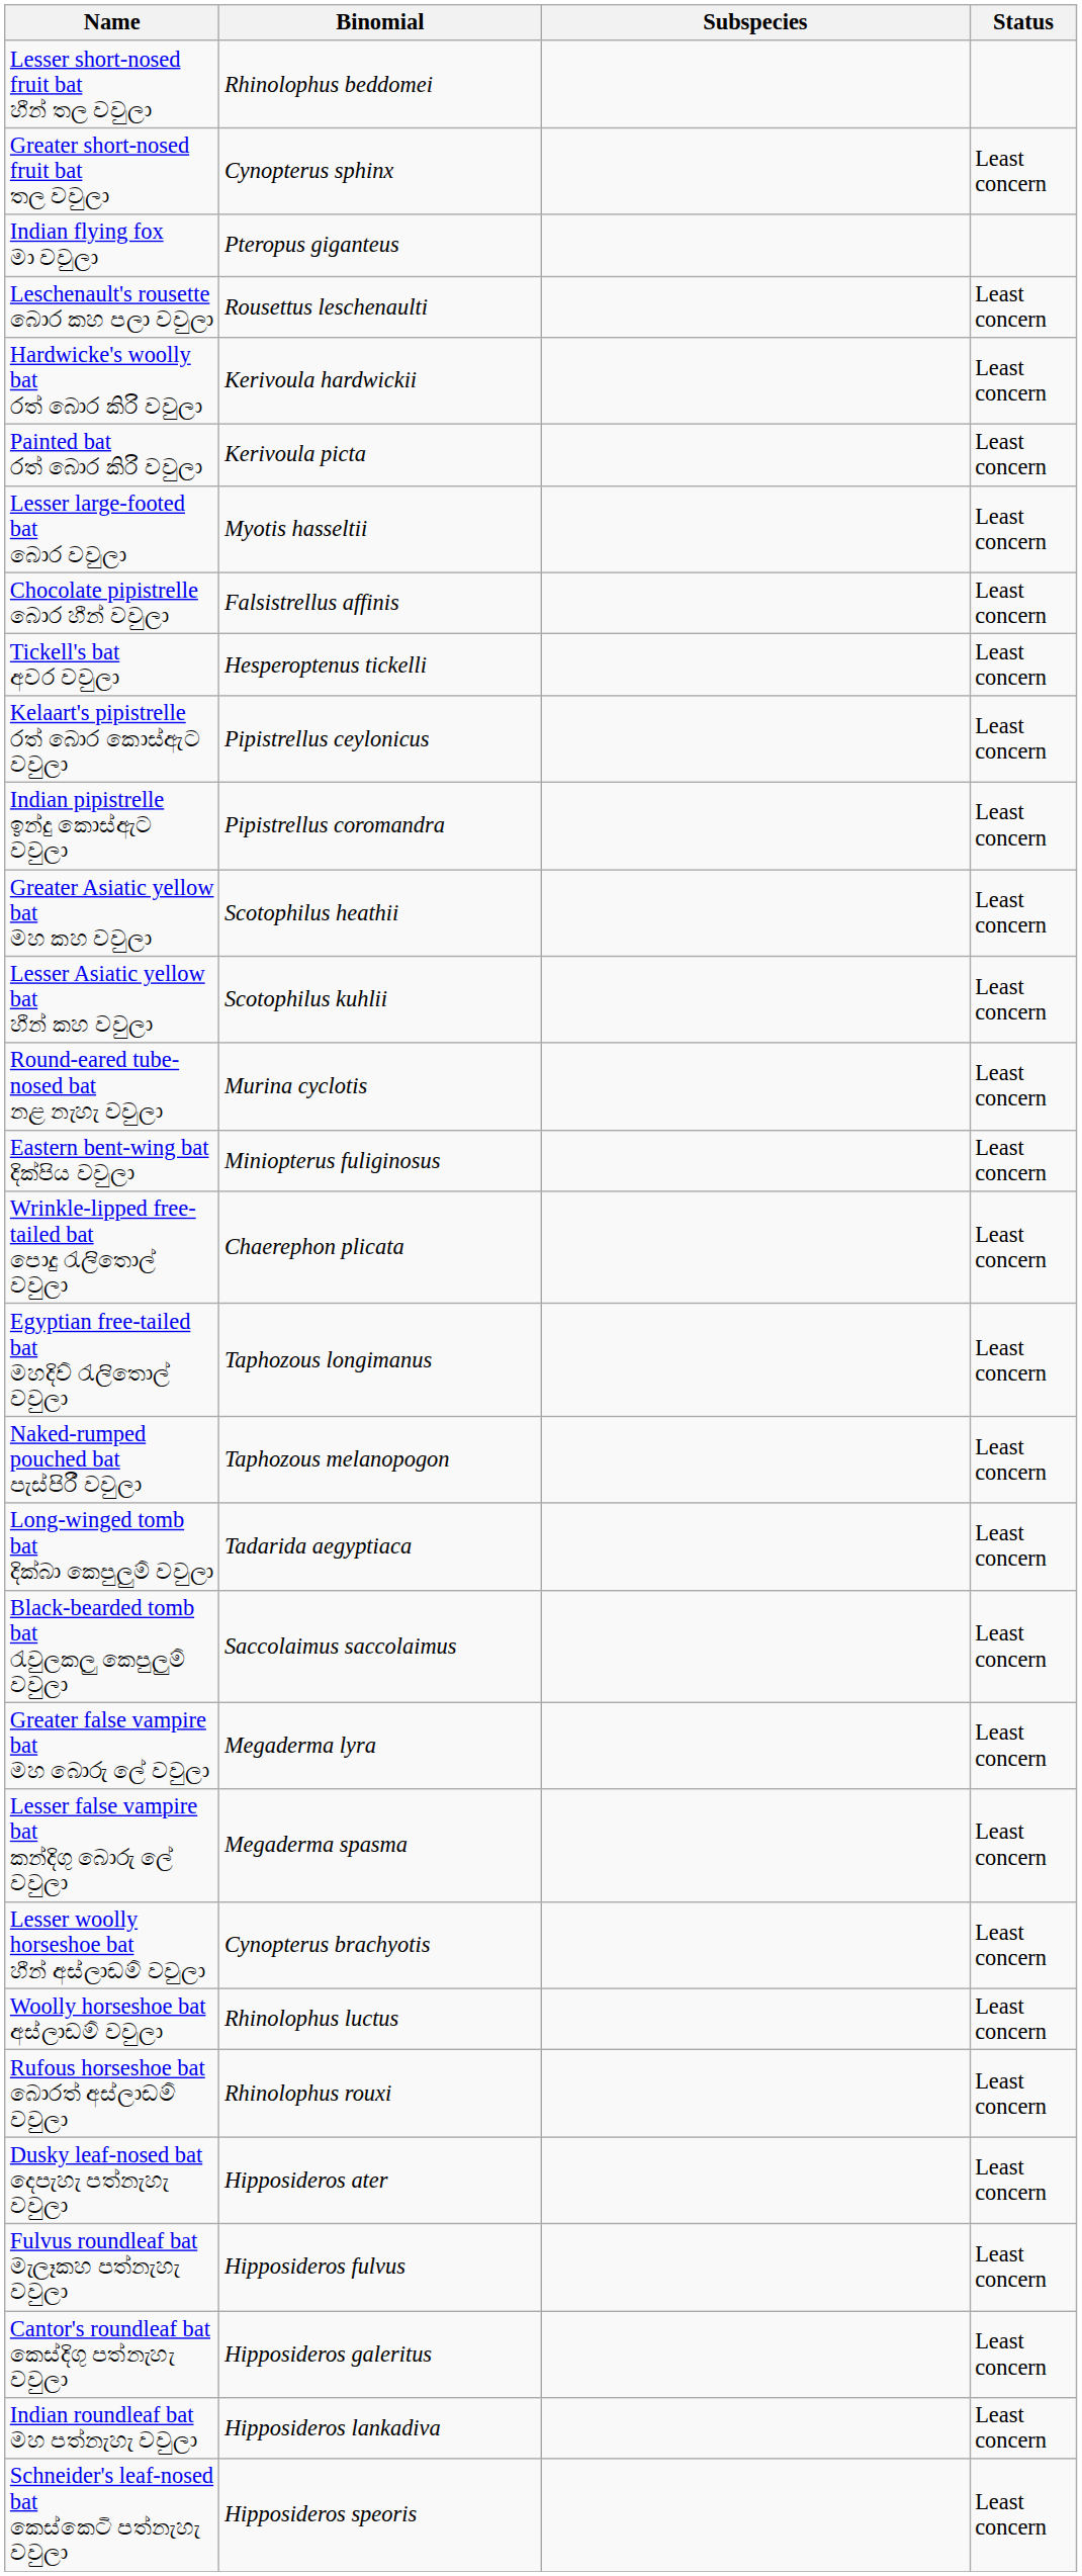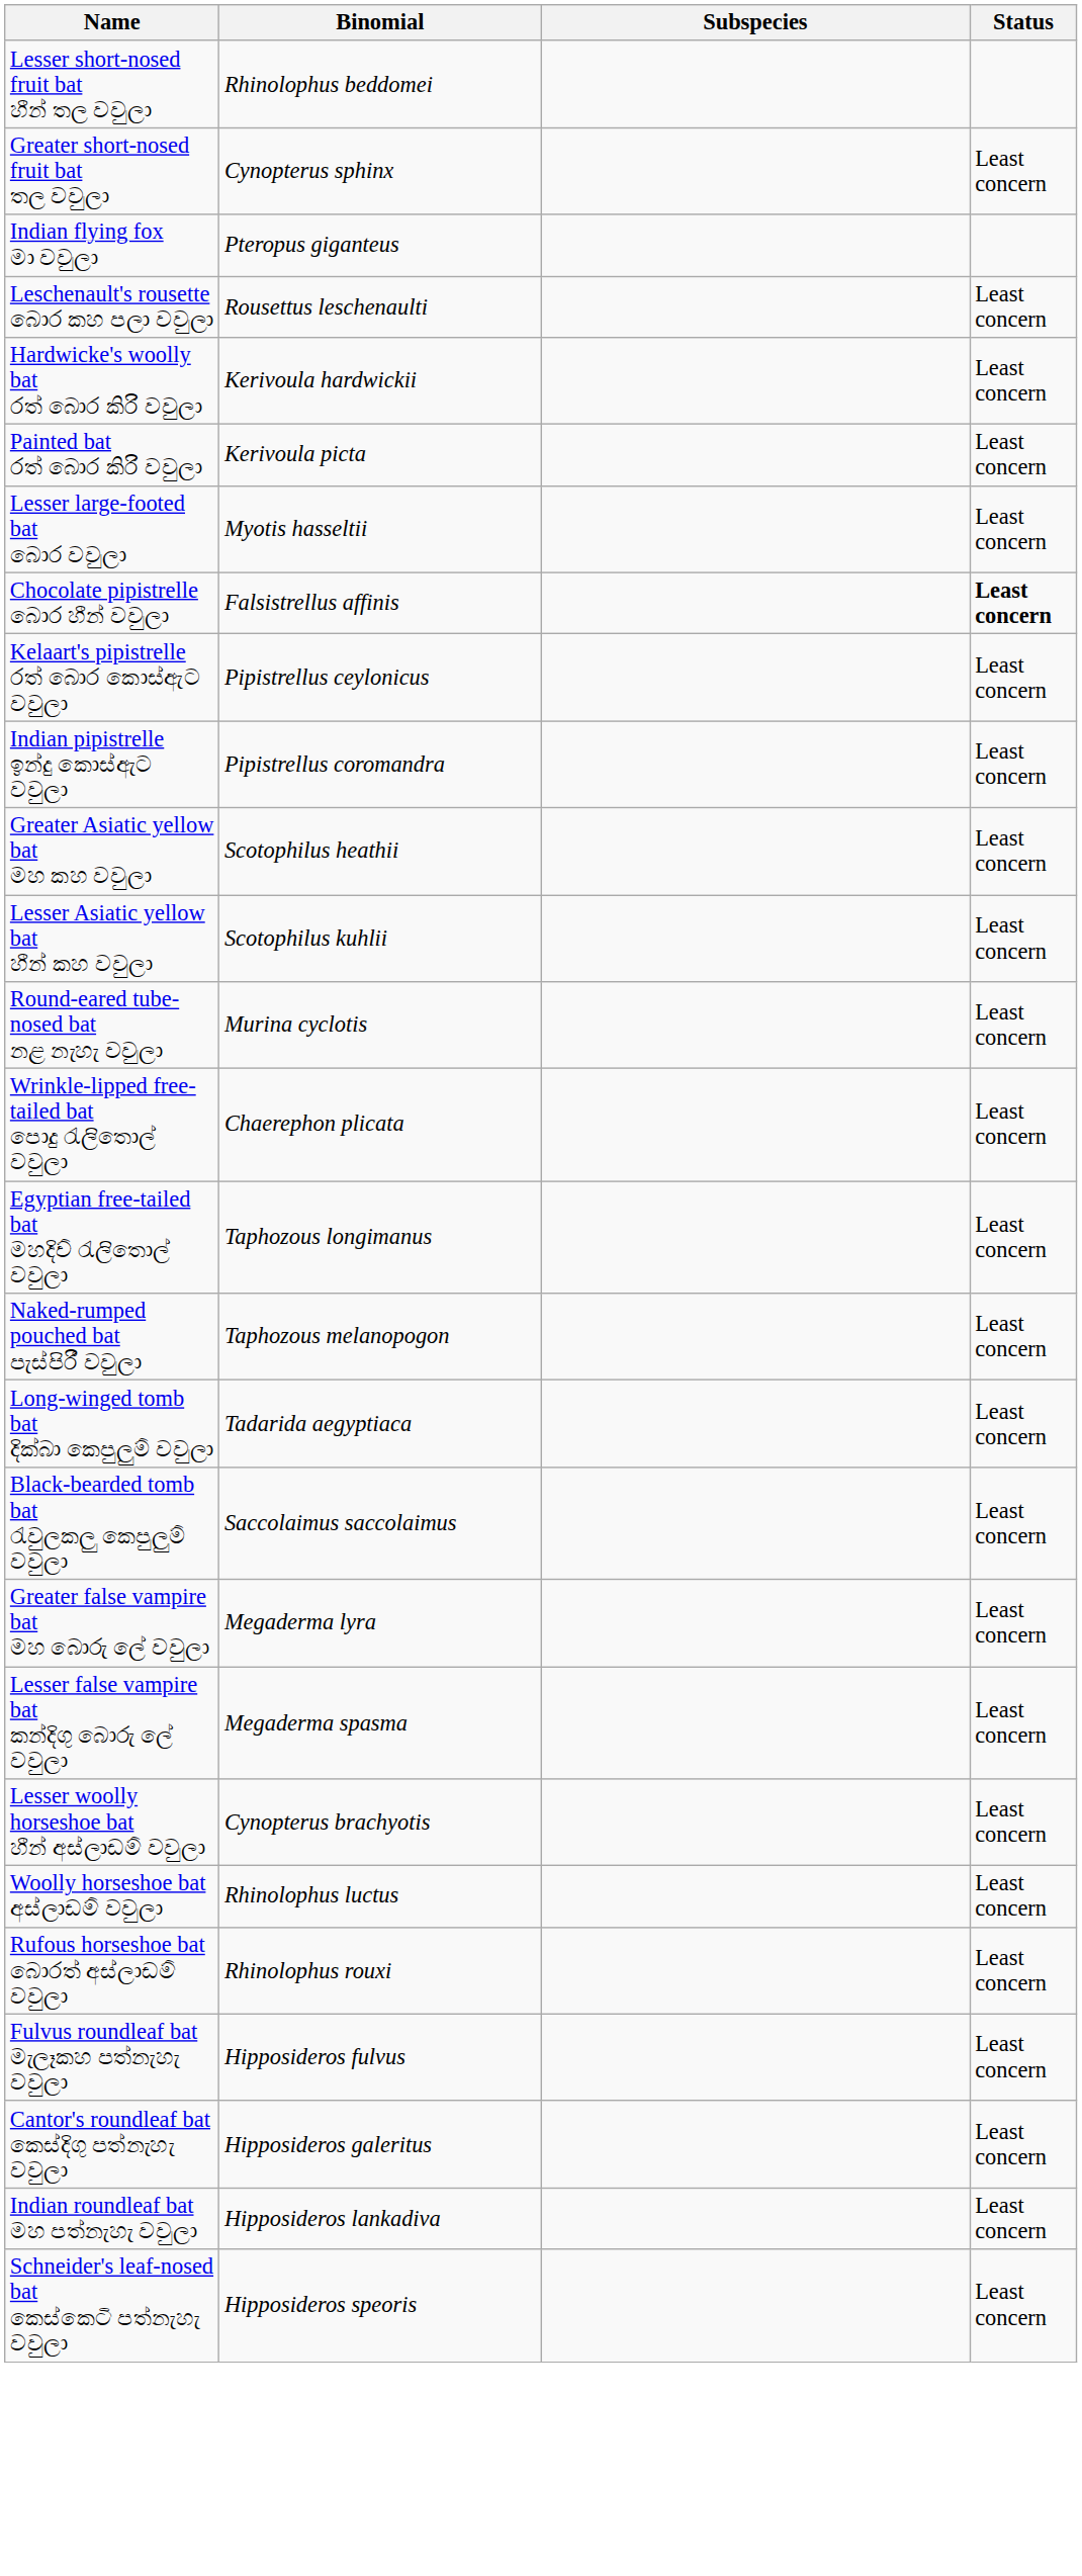 <table width=60% class="wikitable">
 <tr>
 <th width=20%>Name</th>
 <th width=30%>Binomial</th>
 <th width=40%>Subspecies</th>
 <th width=30%>Status</th>
 </tr>
 <tr>
 <td><a href='#'>Lesser short-nosed fruit bat</a><br>හීන් තල වවුලා<br></td>
 <td><em>Rhinolophus beddomei</em></td>
 <td></td>
 <td></td>
 </tr>
 <tr>
 <td><a href='#'>Greater short-nosed fruit bat</a><br>තල වවුලා<br></td>
 <td><em>Cynopterus sphinx</em></td>
 <td></td>
 <td>Least concern</td>
 </tr>
 <tr>
 <td><a href='#'>Indian flying fox</a><br>මා වවුලා<br></td>
 <td><em>Pteropus giganteus</em></td>
 <td></td>
 <td></td>
 </tr>
 <tr>
 <td><a href='#'>Leschenault's rousette</a><br>බොර කහ පලා වවුලා</td>
 <td><em>Rousettus leschenaulti</em></td>
 <td></td>
 <td>Least concern</td>
 </tr>
 <tr>
 <td><a href='#'>Hardwicke's woolly bat</a><br>රත් බොර කිරි වවුලා</td>
 <td><em>Kerivoula hardwickii</em></td>
 <td></td>
 <td>Least concern</td>
 </tr>
 <tr>
 <td><a href='#'>Painted bat</a><br>රත් බොර කිරි වවුලා<br></td>
 <td><em>Kerivoula picta</em></td>
 <td></td>
 <td>Least concern</td>
 </tr>
 <tr>
 <td><a href='#'>Lesser large-footed bat</a><br>බොර වවුලා</td>
 <td><em>Myotis hasseltii</em></td>
 <td></td>
 <td>Least concern</td>
 </tr>
 <tr>
 <td><a href='#'>Chocolate pipistrelle</a><br>බොර හීන් වවුලා</td>
 <td><em>Falsistrellus affinis</em></td>
 <td></td>
-<td>Least concern</td>
-</tr>
-<tr>
-<td><a href='#'>Tickell's bat</a><br>අවර වවුලා</td>
-<td><em>Hesperoptenus tickelli</em></td>
-<td></td>
-<td>Least concern</td>
+<td><strong>Least concern</strong></td>
 </tr>
 <tr>
 <td><a href='#'>Kelaart's pipistrelle</a><br>රත් බොර කොස්ඇට වවුලා</td>
 <td><em>Pipistrellus ceylonicus</em></td>
 <td></td>
 <td>Least concern</td>
 </tr>
 <tr>
 <td><a href='#'>Indian pipistrelle</a><br>ඉන්දු කොස්ඇට වවුලා<br></td>
 <td><em>Pipistrellus coromandra</em></td>
 <td></td>
 <td>Least concern</td>
 </tr>
 <tr>
 <td><a href='#'>Greater Asiatic yellow bat</a><br>මහ කහ වවුලා</td>
 <td><em>Scotophilus heathii</em></td>
 <td></td>
 <td>Least concern</td>
 </tr>
 <tr>
 <td><a href='#'>Lesser Asiatic yellow bat</a><br>හීන් කහ වවුලා<br></td>
 <td><em>Scotophilus kuhlii</em></td>
 <td></td>
 <td>Least concern</td>
 </tr>
 <tr>
 <td><a href='#'>Round-eared tube-nosed bat</a><br>නළ නැහැ වවුලා</td>
 <td><em>Murina cyclotis</em></td>
-<td></td>
-<td>Least concern</td>
-</tr>
-<tr>
-<td><a href='#'>Eastern bent-wing bat</a><br>දික්පිය වවුලා</td>
-<td><em>Miniopterus fuliginosus</em></td>
 <td></td>
 <td>Least concern</td>
 </tr>
 <tr>
 <td><a href='#'>Wrinkle-lipped free-tailed bat</a><br>පොදු ‍රැලිතොල් වවුලා<br></td>
 <td><em>Chaerephon plicata</em></td>
 <td></td>
 <td>Least concern</td>
 </tr>
 <tr>
 <td><a href='#'>Egyptian free-tailed bat</a><br>මහදිව් ‍රැලිතොල් වවුලා<br></td>
 <td><em>Taphozous longimanus</em></td>
 <td></td>
 <td>Least concern</td>
 </tr>
 <tr>
 <td><a href='#'>Naked-rumped pouched bat</a><br>පැස්පිරී වවුලා</td>
 <td><em>Taphozous melanopogon</em></td>
 <td></td>
 <td>Least concern</td>
 </tr>
 <tr>
 <td><a href='#'>Long-winged tomb bat</a><br>දික්බා කෙපුලුම් වවුලා<br></td>
 <td><em>Tadarida aegyptiaca</em></td>
 <td></td>
 <td>Least concern</td>
 </tr>
 <tr>
 <td><a href='#'>Black-bearded tomb bat</a><br>රැවුලකලු කෙපුලුම් වවුලා<br></td>
 <td><em>Saccolaimus saccolaimus</em></td>
 <td></td>
 <td>Least concern</td>
 </tr>
 <tr>
 <td><a href='#'>Greater false vampire bat</a><br>මහ බොරු ලේ වවුලා<br></td>
 <td><em>Megaderma lyra</em></td>
 <td></td>
 <td>Least concern</td>
 </tr>
 <tr>
 <td><a href='#'>Lesser false vampire bat</a><br>කන්දිගු බොරු ලේ වවුලා<br></td>
 <td><em>Megaderma spasma</em></td>
 <td></td>
 <td>Least concern</td>
 </tr>
 <tr>
 <td><a href='#'>Lesser woolly horseshoe bat</a><br>හීන් අස්ලාඩම් වවුලා<br></td>
 <td><em>Cynopterus brachyotis</em></td>
 <td></td>
 <td>Least concern</td>
 </tr>
 <tr>
 <td><a href='#'>Woolly horseshoe bat</a><br>අස්ලාඩම් වවුලා</td>
 <td><em>Rhinolophus luctus</em></td>
 <td></td>
 <td>Least concern</td>
 </tr>
 <tr>
 <td><a href='#'>Rufous horseshoe bat</a><br>බොරත් අස්ලාඩම් වවුලා<br></td>
 <td><em>Rhinolophus rouxi</em></td>
 <td></td>
 <td>Least concern</td>
 </tr>
 <tr>
-<td><a href='#'>Dusky leaf-nosed bat</a><br>දෙපැහැ පත්නැහැ වවුලා</td>
-<td><em>Hipposideros ater</em></td>
-<td></td>
-<td>Least concern</td>
-</tr>
-<tr>
 <td><a href='#'>Fulvus roundleaf bat</a><br>මැලෑකහ පත්නැහැ වවුලා<br></td>
 <td><em>Hipposideros fulvus</em></td>
 <td></td>
 <td>Least concern</td>
 </tr>
 <tr>
 <td><a href='#'>Cantor's roundleaf bat</a><br>කෙස්දිගු පත්නැහැ වවුලා</td>
 <td><em>Hipposideros galeritus</em></td>
 <td></td>
 <td>Least concern</td>
 </tr>
 <tr>
 <td><a href='#'>Indian roundleaf bat</a><br>මහ පත්නැහැ වවුලා<br></td>
 <td><em>Hipposideros lankadiva</em></td>
 <td></td>
 <td>Least concern</td>
 </tr>
 <tr>
 <td><a href='#'>Schneider's leaf-nosed bat</a><br>කෙස්කෙටි පත්නැහැ වවුලා<br></td>
 <td><em>Hipposideros speoris</em></td>
 <td></td>
 <td>Least concern</td>
 </tr>
 </table>
